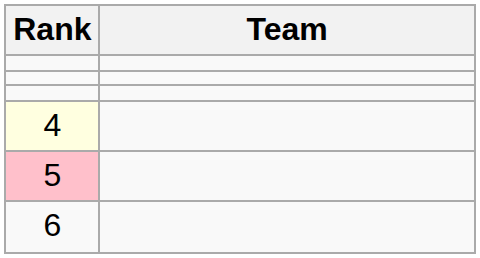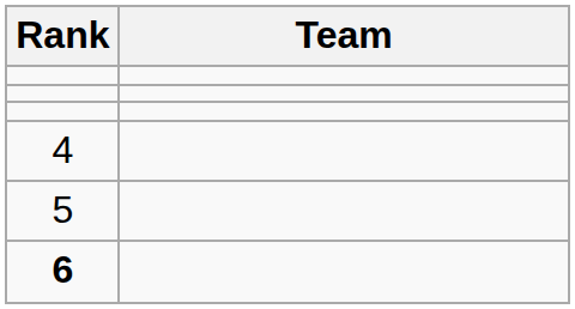 <table class="wikitable" style="text-align: center;">
 <tr>
 <th width=40>Rank</th>
 <th width=180>Team</th>
 </tr>
 <tr>
 <td></td>
 <td style="text-align:left;"></td>
 </tr>
 <tr>
 <td></td>
 <td style="text-align:left;"></td>
 </tr>
 <tr>
 <td></td>
 <td style="text-align:left;"></td>
 </tr>
 <tr>
-<td style="background: lightyellow;">4</td>
+<td>4</td>
 <td style="text-align:left;"></td>
 </tr>
 <tr align=center>
-<td style="background: pink;">5</td>
+<td>5</td>
 <td style="text-align:left;"></td>
 </tr>
 <tr align=center>
-<td>6</td>
+<td><strong>6</strong></td>
 <td style="text-align:left;"></td>
 </tr>
 </table>
